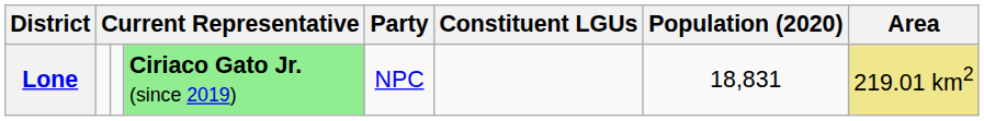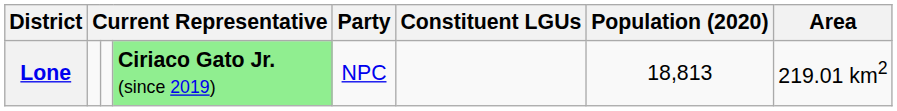 <table class="wikitable sortable" style="margin: 1em auto; font-size:100%; line-height:20px; text-align:center">
 <tr>
 <th>District</th>
 <th colspan="3">Current Representative</th>
 <th>Party</th>
 <th>Constituent LGUs</th>
 <th>Population (2020)</th>
 <th>Area</th>
 </tr>
 <tr>
 <th><a href='#'>Lone</a></th>
 <td style="background:"></td>
 <td></td>
 <td style="background: lightgreen; text-align:left;"><strong>Ciriaco Gato Jr.</strong><br><small>(since <a href='#'>2019</a>)</small></td>
 <td><a href='#'>NPC</a></td>
 <td></td>
-<td>18,831</td>
-<td style="background: khaki;">219.01 km<sup>2</sup></td>
+<td>18,813</td>
+<td>219.01 km<sup>2</sup></td>
 </tr>
 </table>
